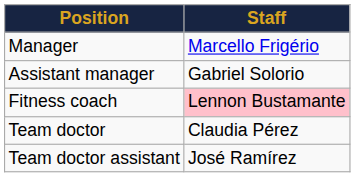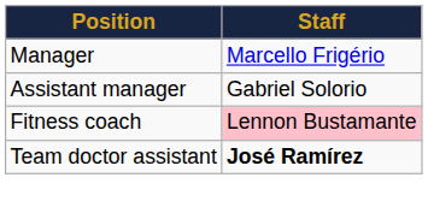 <table class="wikitable">
 <tr>
 <th style=background-color:#172442;color:Goldenrod>Position</th>
 <th style=background-color:#172442;color:Goldenrod>Staff</th>
 </tr>
 <tr>
 <td>Manager</td>
 <td> <a href='#'>Marcello Frigério</a></td>
 </tr>
 <tr>
 <td>Assistant manager</td>
 <td> Gabriel Solorio</td>
 </tr>
 <tr>
 <td>Fitness coach</td>
 <td style="background: pink;"> Lennon Bustamante</td>
 </tr>
 <tr>
-<td>Team doctor</td>
-<td> Claudia Pérez</td>
-</tr>
-<tr>
 <td>Team doctor assistant</td>
-<td> José Ramírez</td>
+<td><strong> José Ramírez</strong></td>
 </tr>
 </table>
